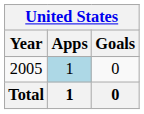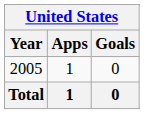 <table class="wikitable" style="text-align:center">
 <tr>
 <th colspan=3><a href='#'>United States</a></th>
 </tr>
 <tr>
 <th>Year</th>
 <th>Apps</th>
 <th>Goals</th>
 </tr>
 <tr>
 <td>2005</td>
-<td style="background: lightblue;">1</td>
+<td>1</td>
 <td>0</td>
 </tr>
 <tr>
 <th>Total</th>
 <th>1</th>
 <th>0</th>
 </tr>
 </table>
